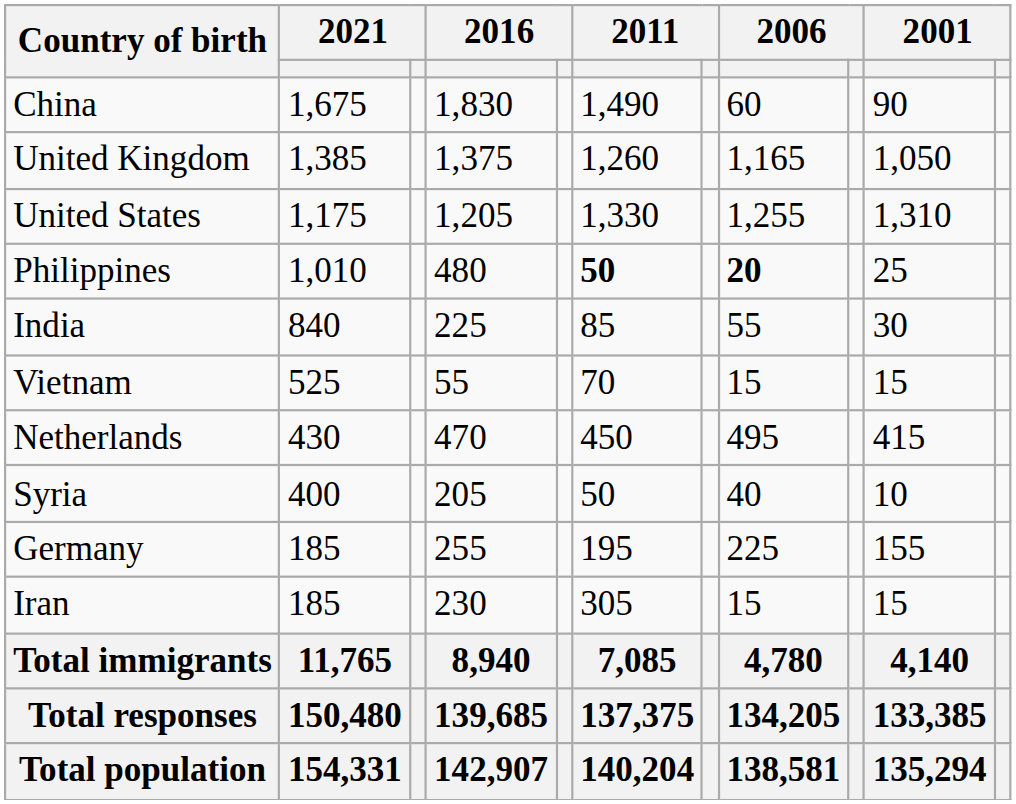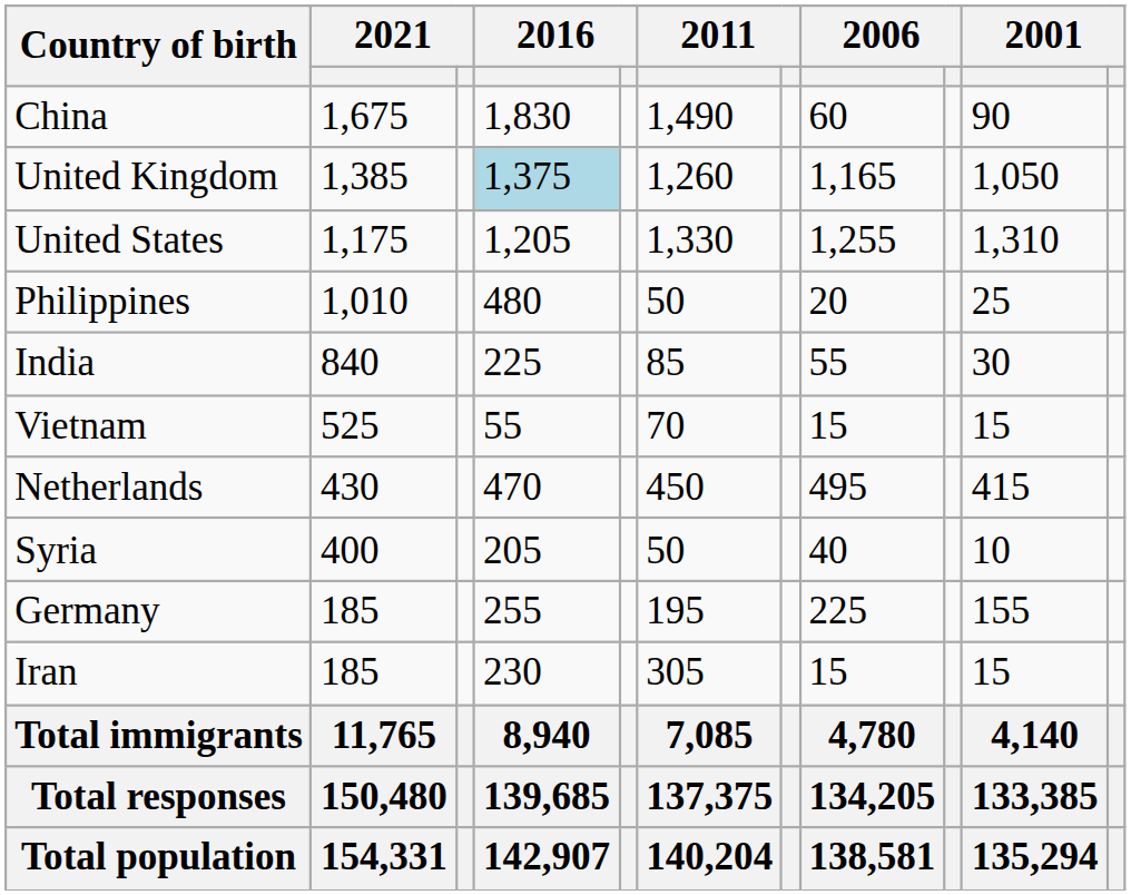 <table class="wikitable sortable">
 <tr>
 <th rowspan="2">Country of birth</th>
 <th colspan="2">2021</th>
 <th colspan="2">2016</th>
 <th colspan="2">2011</th>
 <th colspan="2">2006</th>
 <th colspan="2">2001</th>
 </tr>
 <tr>
 <th><a href='#'></a></th>
 <th></th>
 <th></th>
 <th></th>
 <th></th>
 <th></th>
 <th></th>
 <th></th>
 <th></th>
 <th></th>
 </tr>
 <tr>
 <td>China</td>
 <td>1,675</td>
 <td></td>
 <td>1,830</td>
 <td></td>
 <td>1,490</td>
 <td></td>
 <td>60</td>
 <td></td>
 <td>90</td>
 <td></td>
 </tr>
 <tr>
 <td>United Kingdom</td>
 <td>1,385</td>
 <td></td>
-<td>1,375</td>
+<td style="background: lightblue;">1,375</td>
 <td></td>
 <td>1,260</td>
 <td></td>
 <td>1,165</td>
 <td></td>
 <td>1,050</td>
 <td></td>
 </tr>
 <tr>
 <td>United States</td>
 <td>1,175</td>
 <td></td>
 <td>1,205</td>
 <td></td>
 <td>1,330</td>
 <td></td>
 <td>1,255</td>
 <td></td>
 <td>1,310</td>
 <td></td>
 </tr>
 <tr>
 <td>Philippines</td>
 <td>1,010</td>
 <td></td>
 <td>480</td>
 <td></td>
-<td><strong>50</strong></td>
+<td>50</td>
 <td></td>
-<td><strong>20</strong></td>
+<td>20</td>
 <td></td>
 <td>25</td>
 <td></td>
 </tr>
 <tr>
 <td>India</td>
 <td>840</td>
 <td></td>
 <td>225</td>
 <td></td>
 <td>85</td>
 <td></td>
 <td>55</td>
 <td></td>
 <td>30</td>
 <td></td>
 </tr>
 <tr>
 <td>Vietnam</td>
 <td>525</td>
 <td></td>
 <td>55</td>
 <td></td>
 <td>70</td>
 <td></td>
 <td>15</td>
 <td></td>
 <td>15</td>
 <td></td>
 </tr>
 <tr>
 <td>Netherlands</td>
 <td>430</td>
 <td></td>
 <td>470</td>
 <td></td>
 <td>450</td>
 <td></td>
 <td>495</td>
 <td></td>
 <td>415</td>
 <td></td>
 </tr>
 <tr>
 <td>Syria</td>
 <td>400</td>
 <td></td>
 <td>205</td>
 <td></td>
 <td>50</td>
 <td></td>
 <td>40</td>
 <td></td>
 <td>10</td>
 <td></td>
 </tr>
 <tr>
 <td>Germany</td>
 <td>185</td>
 <td></td>
 <td>255</td>
 <td></td>
 <td>195</td>
 <td></td>
 <td>225</td>
 <td></td>
 <td>155</td>
 <td></td>
 </tr>
 <tr>
 <td>Iran</td>
 <td>185</td>
 <td></td>
 <td>230</td>
 <td></td>
 <td>305</td>
 <td></td>
 <td>15</td>
 <td></td>
 <td>15</td>
 <td></td>
 </tr>
 <tr>
 <th>Total immigrants</th>
 <th>11,765</th>
 <th></th>
 <th>8,940</th>
 <th></th>
 <th>7,085</th>
 <th></th>
 <th>4,780</th>
 <th></th>
 <th>4,140</th>
 <th></th>
 </tr>
 <tr class="sortbottom">
 <th>Total responses</th>
 <th>150,480</th>
 <th></th>
 <th>139,685</th>
 <th></th>
 <th>137,375</th>
 <th></th>
 <th>134,205</th>
 <th></th>
 <th>133,385</th>
 <th></th>
 </tr>
 <tr class="sortbottom">
 <th>Total population</th>
 <th>154,331</th>
 <th></th>
 <th>142,907</th>
 <th></th>
 <th>140,204</th>
 <th></th>
 <th>138,581</th>
 <th></th>
 <th>135,294</th>
 <th></th>
 </tr>
 </table>
